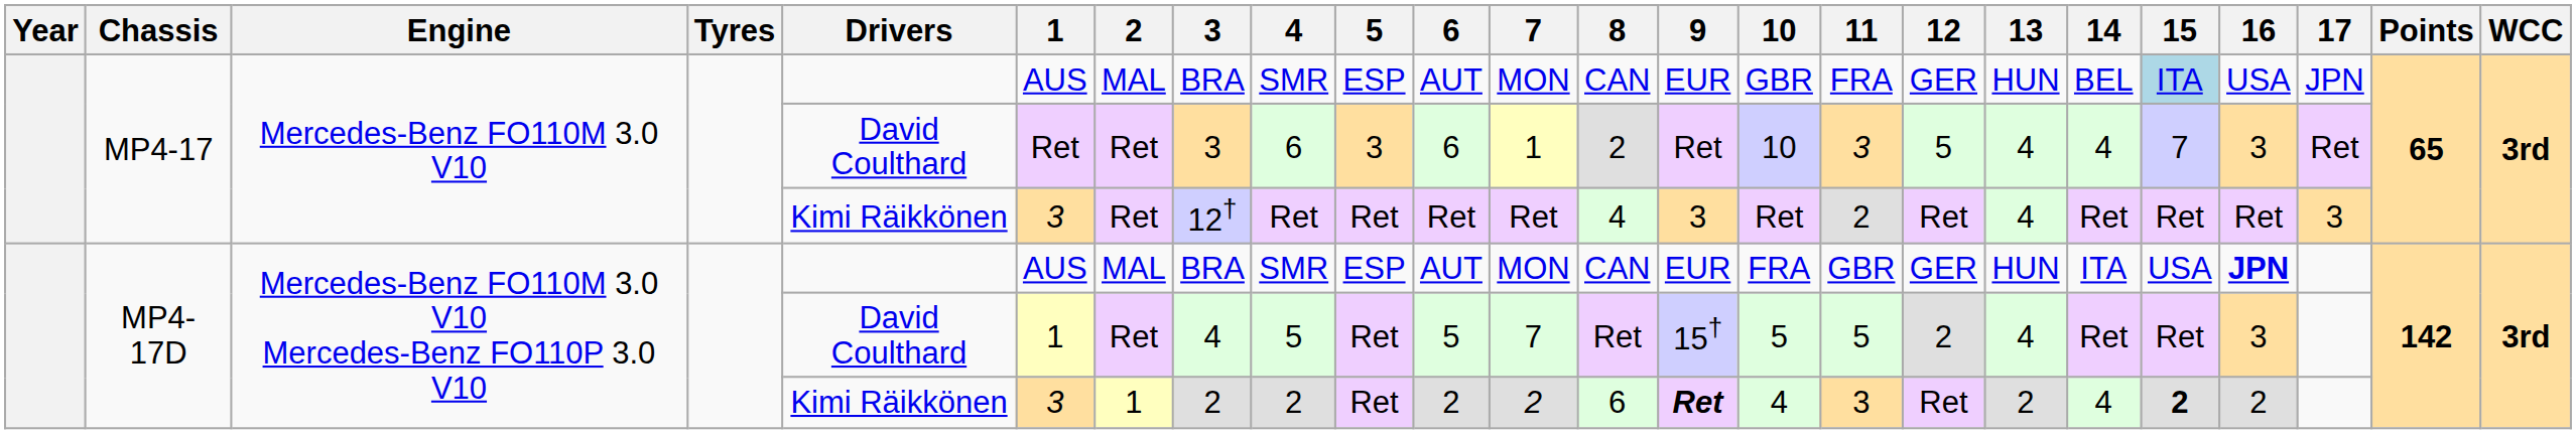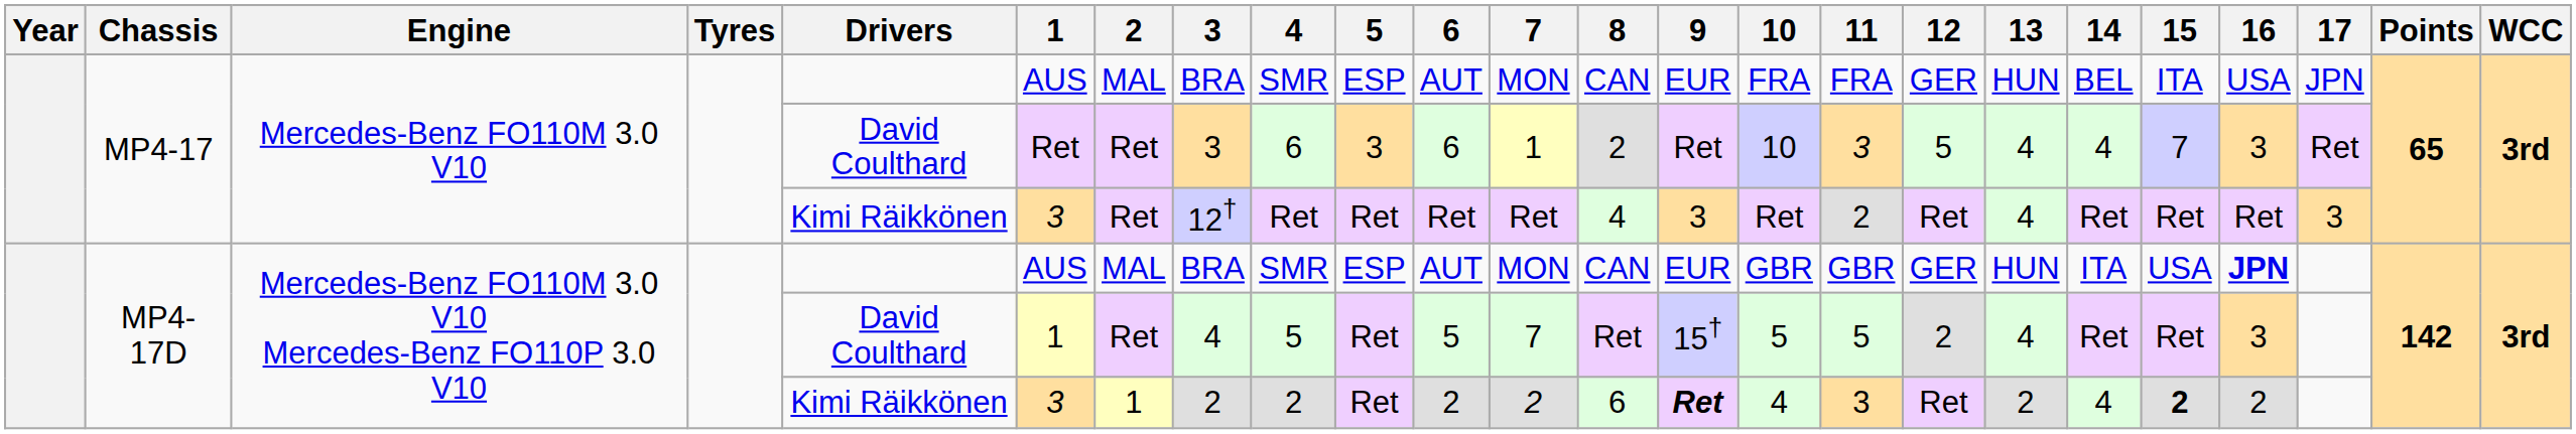 <table class="wikitable" style="text-align:center; font-size:95%">
 <tr>
 <th>Year</th>
 <th>Chassis</th>
 <th>Engine</th>
 <th>Tyres</th>
 <th>Drivers</th>
 <th>1</th>
 <th>2</th>
 <th>3</th>
 <th>4</th>
 <th>5</th>
 <th>6</th>
 <th>7</th>
 <th>8</th>
 <th>9</th>
 <th>10</th>
 <th>11</th>
 <th>12</th>
 <th>13</th>
 <th>14</th>
 <th>15</th>
 <th>16</th>
 <th>17</th>
 <th>Points</th>
 <th>WCC</th>
 </tr>
 <tr>
 <th rowspan="3"></th>
 <td rowspan="3">MP4-17</td>
 <td rowspan="3"><a href='#'>Mercedes-Benz FO110M</a> 3.0 <a href='#'>V10</a></td>
 <td rowspan="3"></td>
 <td></td>
 <td><a href='#'>AUS</a></td>
 <td><a href='#'>MAL</a></td>
 <td><a href='#'>BRA</a></td>
 <td><a href='#'>SMR</a></td>
 <td><a href='#'>ESP</a></td>
 <td><a href='#'>AUT</a></td>
 <td><a href='#'>MON</a></td>
 <td><a href='#'>CAN</a></td>
 <td><a href='#'>EUR</a></td>
-<td><a href='#'>GBR</a></td>
+<td><a href='#'>FRA</a></td>
 <td><a href='#'>FRA</a></td>
 <td><a href='#'>GER</a></td>
 <td><a href='#'>HUN</a></td>
 <td><a href='#'>BEL</a></td>
-<td style="background: lightblue;"><a href='#'>ITA</a></td>
+<td><a href='#'>ITA</a></td>
 <td><a href='#'>USA</a></td>
 <td><a href='#'>JPN</a></td>
 <td rowspan="3" style="background:#FFDF9F;"><strong>65</strong></td>
 <td rowspan="3" style="background:#FFDF9F;"><strong>3rd</strong></td>
 </tr>
 <tr>
 <td> <a href='#'>David Coulthard</a></td>
 <td style="background:#EFCFFF;">Ret</td>
 <td style="background:#EFCFFF;">Ret</td>
 <td style="background:#FFDF9F;">3</td>
 <td style="background:#DFFFDF;">6</td>
 <td style="background:#FFDF9F;">3</td>
 <td style="background:#DFFFDF;">6</td>
 <td style="background:#FFFFBF;">1</td>
 <td style="background:#DFDFDF;">2</td>
 <td style="background:#EFCFFF;">Ret</td>
 <td style="background:#CFCFFF;">10</td>
 <td style="background:#FFDF9F;"><em>3</em></td>
 <td style="background:#DFFFDF;">5</td>
 <td style="background:#DFFFDF;">4</td>
 <td style="background:#DFFFDF;">4</td>
 <td style="background:#CFCFFF;">7</td>
 <td style="background:#FFDF9F;">3</td>
 <td style="background:#EFCFFF;">Ret</td>
 </tr>
 <tr>
 <td> <a href='#'>Kimi Räikkönen</a></td>
 <td style="background:#FFDF9F;"><em>3</em></td>
 <td style="background:#EFCFFF;">Ret</td>
 <td style="background:#CFCFFF;">12<sup>†</sup></td>
 <td style="background:#EFCFFF;">Ret</td>
 <td style="background:#EFCFFF;">Ret</td>
 <td style="background:#EFCFFF;">Ret</td>
 <td style="background:#EFCFFF;">Ret</td>
 <td style="background:#DFFFDF;">4</td>
 <td style="background:#FFDF9F;">3</td>
 <td style="background:#EFCFFF;">Ret</td>
 <td style="background:#DFDFDF;">2</td>
 <td style="background:#EFCFFF;">Ret</td>
 <td style="background:#DFFFDF;">4</td>
 <td style="background:#EFCFFF;">Ret</td>
 <td style="background:#EFCFFF;">Ret</td>
 <td style="background:#EFCFFF;">Ret</td>
 <td style="background:#FFDF9F;">3</td>
 </tr>
 <tr>
 <th rowspan="3"></th>
 <td rowspan="3">MP4-17D</td>
 <td rowspan="3"><a href='#'>Mercedes-Benz FO110M</a> 3.0 <a href='#'>V10</a><br><a href='#'>Mercedes-Benz FO110P</a> 3.0 <a href='#'>V10</a></td>
 <td rowspan="3"></td>
 <td></td>
 <td><a href='#'>AUS</a></td>
 <td><a href='#'>MAL</a></td>
 <td><a href='#'>BRA</a></td>
 <td><a href='#'>SMR</a></td>
 <td><a href='#'>ESP</a></td>
 <td><a href='#'>AUT</a></td>
 <td><a href='#'>MON</a></td>
 <td><a href='#'>CAN</a></td>
 <td><a href='#'>EUR</a></td>
-<td><a href='#'>FRA</a></td>
+<td><a href='#'>GBR</a></td>
 <td><a href='#'>GBR</a></td>
 <td><a href='#'>GER</a></td>
 <td><a href='#'>HUN</a></td>
 <td><a href='#'>ITA</a></td>
 <td><a href='#'>USA</a></td>
 <td><strong><a href='#'>JPN</a></strong></td>
 <td></td>
 <td rowspan="3" style="background:#FFDF9F;"><strong>142</strong></td>
 <td rowspan="3" style="background:#FFDF9F;"><strong>3rd</strong></td>
 </tr>
 <tr>
 <td> <a href='#'>David Coulthard</a></td>
 <td style="background:#FFFFBF;">1</td>
 <td style="background:#EFCFFF;">Ret</td>
 <td style="background:#DFFFDF;">4</td>
 <td style="background:#DFFFDF;">5</td>
 <td style="background:#EFCFFF;">Ret</td>
 <td style="background:#DFFFDF;">5</td>
 <td style="background:#DFFFDF;">7</td>
 <td style="background:#EFCFFF;">Ret</td>
 <td style="background:#CFCFFF;">15<sup>†</sup></td>
 <td style="background:#DFFFDF;">5</td>
 <td style="background:#DFFFDF;">5</td>
 <td style="background:#DFDFDF;">2</td>
 <td style="background:#DFFFDF;">4</td>
 <td style="background:#EFCFFF;">Ret</td>
 <td style="background:#EFCFFF;">Ret</td>
 <td style="background:#FFDF9F;">3</td>
 <td></td>
 </tr>
 <tr>
 <td> <a href='#'>Kimi Räikkönen</a></td>
 <td style="background:#FFDF9F;"><em>3</em></td>
 <td style="background:#FFFFBF;">1</td>
 <td style="background:#DFDFDF;">2</td>
 <td style="background:#DFDFDF;">2</td>
 <td style="background:#EFCFFF;">Ret</td>
 <td style="background:#DFDFDF;">2</td>
 <td style="background:#DFDFDF;"><em>2</em></td>
 <td style="background:#DFFFDF;">6</td>
 <td style="background:#EFCFFF;"><strong><em>Ret</em></strong></td>
 <td style="background:#DFFFDF;">4</td>
 <td style="background:#FFDF9F;">3</td>
 <td style="background:#EFCFFF;">Ret</td>
 <td style="background:#DFDFDF;">2</td>
 <td style="background:#DFFFDF;">4</td>
 <td style="background:#DFDFDF;"><strong>2</strong></td>
 <td style="background:#DFDFDF;">2</td>
 <td></td>
 </tr>
 </table>
